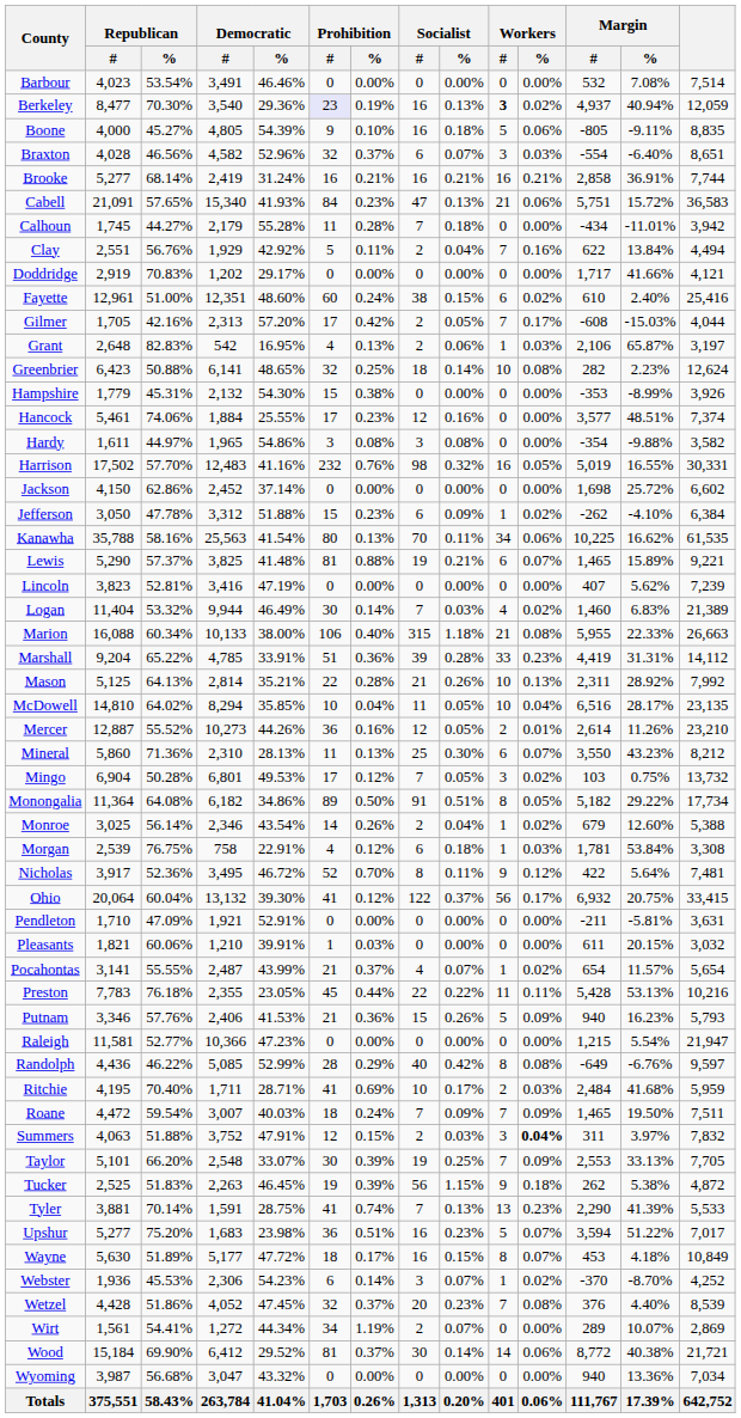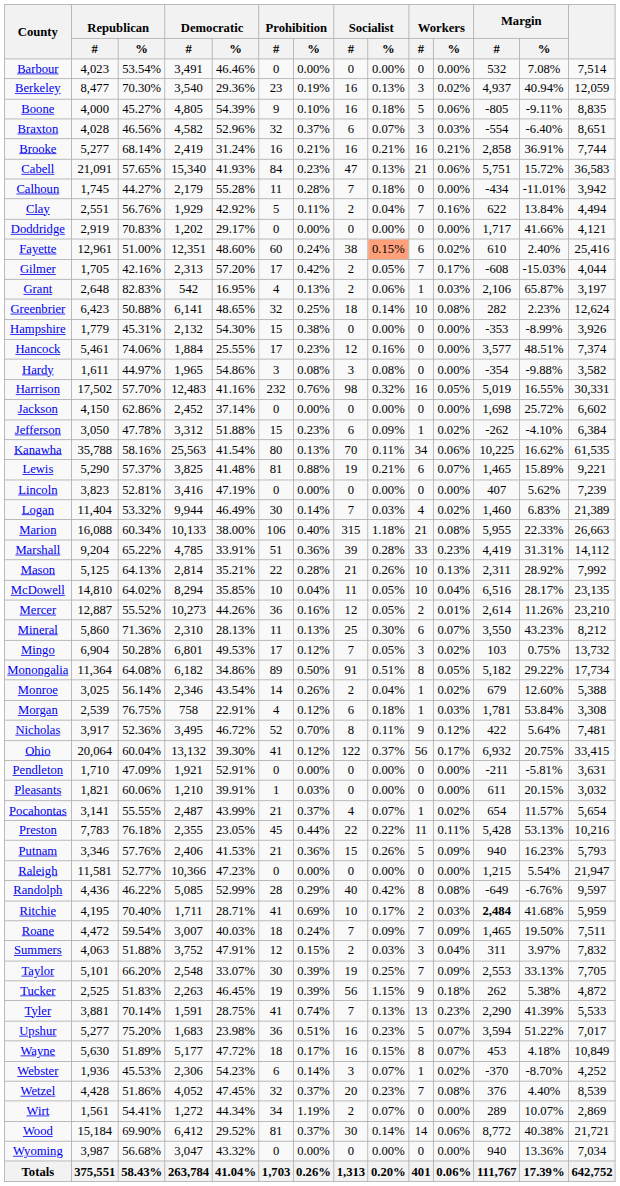 <table class="wikitable sortable mw-collapsible mw-collapsed" style="text-align:center">
 <tr>
 <th rowspan="2">County</th>
 <th colspan="2"><br>Republican</th>
 <th colspan="2"><br> Democratic</th>
 <th colspan="2"><br>Prohibition</th>
 <th colspan="2"><br>Socialist</th>
 <th colspan="2"><br>Workers</th>
 <th colspan="2">Margin</th>
 <th rowspan="2"></th>
 </tr>
 <tr>
 <th data-sort-type="number">#</th>
 <th data-sort-type="number">%</th>
 <th data-sort-type="number">#</th>
 <th data-sort-type="number">%</th>
 <th data-sort-type="number">#</th>
 <th data-sort-type="number">%</th>
 <th data-sort-type="number">#</th>
 <th data-sort-type="number">%</th>
 <th data-sort-type="number">#</th>
 <th data-sort-type="number">%</th>
 <th data-sort-type="number">#</th>
 <th data-sort-type="number">%</th>
 </tr>
 <tr style="text-align:center;">
 <td><a href='#'>Barbour</a></td>
 <td>4,023</td>
 <td>53.54%</td>
 <td>3,491</td>
 <td>46.46%</td>
 <td>0</td>
 <td>0.00%</td>
 <td>0</td>
 <td>0.00%</td>
 <td>0</td>
 <td>0.00%</td>
 <td>532</td>
 <td>7.08%</td>
 <td>7,514</td>
 </tr>
 <tr style="text-align:center;">
 <td><a href='#'>Berkeley</a></td>
 <td>8,477</td>
 <td>70.30%</td>
 <td>3,540</td>
 <td>29.36%</td>
-<td style="background: lavender;">23</td>
+<td>23</td>
 <td>0.19%</td>
 <td>16</td>
 <td>0.13%</td>
-<td><strong>3</strong></td>
+<td>3</td>
 <td>0.02%</td>
 <td>4,937</td>
 <td>40.94%</td>
 <td>12,059</td>
 </tr>
 <tr style="text-align:center;">
 <td><a href='#'>Boone</a></td>
 <td>4,000</td>
 <td>45.27%</td>
 <td>4,805</td>
 <td>54.39%</td>
 <td>9</td>
 <td>0.10%</td>
 <td>16</td>
 <td>0.18%</td>
 <td>5</td>
 <td>0.06%</td>
 <td>-805</td>
 <td>-9.11%</td>
 <td>8,835</td>
 </tr>
 <tr style="text-align:center;">
 <td><a href='#'>Braxton</a></td>
 <td>4,028</td>
 <td>46.56%</td>
 <td>4,582</td>
 <td>52.96%</td>
 <td>32</td>
 <td>0.37%</td>
 <td>6</td>
 <td>0.07%</td>
 <td>3</td>
 <td>0.03%</td>
 <td>-554</td>
 <td>-6.40%</td>
 <td>8,651</td>
 </tr>
 <tr style="text-align:center;">
 <td><a href='#'>Brooke</a></td>
 <td>5,277</td>
 <td>68.14%</td>
 <td>2,419</td>
 <td>31.24%</td>
 <td>16</td>
 <td>0.21%</td>
 <td>16</td>
 <td>0.21%</td>
 <td>16</td>
 <td>0.21%</td>
 <td>2,858</td>
 <td>36.91%</td>
 <td>7,744</td>
 </tr>
 <tr style="text-align:center;">
 <td><a href='#'>Cabell</a></td>
 <td>21,091</td>
 <td>57.65%</td>
 <td>15,340</td>
 <td>41.93%</td>
 <td>84</td>
 <td>0.23%</td>
 <td>47</td>
 <td>0.13%</td>
 <td>21</td>
 <td>0.06%</td>
 <td>5,751</td>
 <td>15.72%</td>
 <td>36,583</td>
 </tr>
 <tr style="text-align:center;">
 <td><a href='#'>Calhoun</a></td>
 <td>1,745</td>
 <td>44.27%</td>
 <td>2,179</td>
 <td>55.28%</td>
 <td>11</td>
 <td>0.28%</td>
 <td>7</td>
 <td>0.18%</td>
 <td>0</td>
 <td>0.00%</td>
 <td>-434</td>
 <td>-11.01%</td>
 <td>3,942</td>
 </tr>
 <tr style="text-align:center;">
 <td><a href='#'>Clay</a></td>
 <td>2,551</td>
 <td>56.76%</td>
 <td>1,929</td>
 <td>42.92%</td>
 <td>5</td>
 <td>0.11%</td>
 <td>2</td>
 <td>0.04%</td>
 <td>7</td>
 <td>0.16%</td>
 <td>622</td>
 <td>13.84%</td>
 <td>4,494</td>
 </tr>
 <tr style="text-align:center;">
 <td><a href='#'>Doddridge</a></td>
 <td>2,919</td>
 <td>70.83%</td>
 <td>1,202</td>
 <td>29.17%</td>
 <td>0</td>
 <td>0.00%</td>
 <td>0</td>
 <td>0.00%</td>
 <td>0</td>
 <td>0.00%</td>
 <td>1,717</td>
 <td>41.66%</td>
 <td>4,121</td>
 </tr>
 <tr style="text-align:center;">
 <td><a href='#'>Fayette</a></td>
 <td>12,961</td>
 <td>51.00%</td>
 <td>12,351</td>
 <td>48.60%</td>
 <td>60</td>
 <td>0.24%</td>
 <td>38</td>
-<td>0.15%</td>
+<td style="background: lightsalmon;">0.15%</td>
 <td>6</td>
 <td>0.02%</td>
 <td>610</td>
 <td>2.40%</td>
 <td>25,416</td>
 </tr>
 <tr style="text-align:center;">
 <td><a href='#'>Gilmer</a></td>
 <td>1,705</td>
 <td>42.16%</td>
 <td>2,313</td>
 <td>57.20%</td>
 <td>17</td>
 <td>0.42%</td>
 <td>2</td>
 <td>0.05%</td>
 <td>7</td>
 <td>0.17%</td>
 <td>-608</td>
 <td>-15.03%</td>
 <td>4,044</td>
 </tr>
 <tr style="text-align:center;">
 <td><a href='#'>Grant</a></td>
 <td>2,648</td>
 <td>82.83%</td>
 <td>542</td>
 <td>16.95%</td>
 <td>4</td>
 <td>0.13%</td>
 <td>2</td>
 <td>0.06%</td>
 <td>1</td>
 <td>0.03%</td>
 <td>2,106</td>
 <td>65.87%</td>
 <td>3,197</td>
 </tr>
 <tr style="text-align:center;">
 <td><a href='#'>Greenbrier</a></td>
 <td>6,423</td>
 <td>50.88%</td>
 <td>6,141</td>
 <td>48.65%</td>
 <td>32</td>
 <td>0.25%</td>
 <td>18</td>
 <td>0.14%</td>
 <td>10</td>
 <td>0.08%</td>
 <td>282</td>
 <td>2.23%</td>
 <td>12,624</td>
 </tr>
 <tr style="text-align:center;">
 <td><a href='#'>Hampshire</a></td>
 <td>1,779</td>
 <td>45.31%</td>
 <td>2,132</td>
 <td>54.30%</td>
 <td>15</td>
 <td>0.38%</td>
 <td>0</td>
 <td>0.00%</td>
 <td>0</td>
 <td>0.00%</td>
 <td>-353</td>
 <td>-8.99%</td>
 <td>3,926</td>
 </tr>
 <tr style="text-align:center;">
 <td><a href='#'>Hancock</a></td>
 <td>5,461</td>
 <td>74.06%</td>
 <td>1,884</td>
 <td>25.55%</td>
 <td>17</td>
 <td>0.23%</td>
 <td>12</td>
 <td>0.16%</td>
 <td>0</td>
 <td>0.00%</td>
 <td>3,577</td>
 <td>48.51%</td>
 <td>7,374</td>
 </tr>
 <tr style="text-align:center;">
 <td><a href='#'>Hardy</a></td>
 <td>1,611</td>
 <td>44.97%</td>
 <td>1,965</td>
 <td>54.86%</td>
 <td>3</td>
 <td>0.08%</td>
 <td>3</td>
 <td>0.08%</td>
 <td>0</td>
 <td>0.00%</td>
 <td>-354</td>
 <td>-9.88%</td>
 <td>3,582</td>
 </tr>
 <tr style="text-align:center;">
 <td><a href='#'>Harrison</a></td>
 <td>17,502</td>
 <td>57.70%</td>
 <td>12,483</td>
 <td>41.16%</td>
 <td>232</td>
 <td>0.76%</td>
 <td>98</td>
 <td>0.32%</td>
 <td>16</td>
 <td>0.05%</td>
 <td>5,019</td>
 <td>16.55%</td>
 <td>30,331</td>
 </tr>
 <tr style="text-align:center;">
 <td><a href='#'>Jackson</a></td>
 <td>4,150</td>
 <td>62.86%</td>
 <td>2,452</td>
 <td>37.14%</td>
 <td>0</td>
 <td>0.00%</td>
 <td>0</td>
 <td>0.00%</td>
 <td>0</td>
 <td>0.00%</td>
 <td>1,698</td>
 <td>25.72%</td>
 <td>6,602</td>
 </tr>
 <tr style="text-align:center;">
 <td><a href='#'>Jefferson</a></td>
 <td>3,050</td>
 <td>47.78%</td>
 <td>3,312</td>
 <td>51.88%</td>
 <td>15</td>
 <td>0.23%</td>
 <td>6</td>
 <td>0.09%</td>
 <td>1</td>
 <td>0.02%</td>
 <td>-262</td>
 <td>-4.10%</td>
 <td>6,384</td>
 </tr>
 <tr style="text-align:center;">
 <td><a href='#'>Kanawha</a></td>
 <td>35,788</td>
 <td>58.16%</td>
 <td>25,563</td>
 <td>41.54%</td>
 <td>80</td>
 <td>0.13%</td>
 <td>70</td>
 <td>0.11%</td>
 <td>34</td>
 <td>0.06%</td>
 <td>10,225</td>
 <td>16.62%</td>
 <td>61,535</td>
 </tr>
 <tr style="text-align:center;">
 <td><a href='#'>Lewis</a></td>
 <td>5,290</td>
 <td>57.37%</td>
 <td>3,825</td>
 <td>41.48%</td>
 <td>81</td>
 <td>0.88%</td>
 <td>19</td>
 <td>0.21%</td>
 <td>6</td>
 <td>0.07%</td>
 <td>1,465</td>
 <td>15.89%</td>
 <td>9,221</td>
 </tr>
 <tr style="text-align:center;">
 <td><a href='#'>Lincoln</a></td>
 <td>3,823</td>
 <td>52.81%</td>
 <td>3,416</td>
 <td>47.19%</td>
 <td>0</td>
 <td>0.00%</td>
 <td>0</td>
 <td>0.00%</td>
 <td>0</td>
 <td>0.00%</td>
 <td>407</td>
 <td>5.62%</td>
 <td>7,239</td>
 </tr>
 <tr style="text-align:center;">
 <td><a href='#'>Logan</a></td>
 <td>11,404</td>
 <td>53.32%</td>
 <td>9,944</td>
 <td>46.49%</td>
 <td>30</td>
 <td>0.14%</td>
 <td>7</td>
 <td>0.03%</td>
 <td>4</td>
 <td>0.02%</td>
 <td>1,460</td>
 <td>6.83%</td>
 <td>21,389</td>
 </tr>
 <tr style="text-align:center;">
 <td><a href='#'>Marion</a></td>
 <td>16,088</td>
 <td>60.34%</td>
 <td>10,133</td>
 <td>38.00%</td>
 <td>106</td>
 <td>0.40%</td>
 <td>315</td>
 <td>1.18%</td>
 <td>21</td>
 <td>0.08%</td>
 <td>5,955</td>
 <td>22.33%</td>
 <td>26,663</td>
 </tr>
 <tr style="text-align:center;">
 <td><a href='#'>Marshall</a></td>
 <td>9,204</td>
 <td>65.22%</td>
 <td>4,785</td>
 <td>33.91%</td>
 <td>51</td>
 <td>0.36%</td>
 <td>39</td>
 <td>0.28%</td>
 <td>33</td>
 <td>0.23%</td>
 <td>4,419</td>
 <td>31.31%</td>
 <td>14,112</td>
 </tr>
 <tr style="text-align:center;">
 <td><a href='#'>Mason</a></td>
 <td>5,125</td>
 <td>64.13%</td>
 <td>2,814</td>
 <td>35.21%</td>
 <td>22</td>
 <td>0.28%</td>
 <td>21</td>
 <td>0.26%</td>
 <td>10</td>
 <td>0.13%</td>
 <td>2,311</td>
 <td>28.92%</td>
 <td>7,992</td>
 </tr>
 <tr style="text-align:center;">
 <td><a href='#'>McDowell</a></td>
 <td>14,810</td>
 <td>64.02%</td>
 <td>8,294</td>
 <td>35.85%</td>
 <td>10</td>
 <td>0.04%</td>
 <td>11</td>
 <td>0.05%</td>
 <td>10</td>
 <td>0.04%</td>
 <td>6,516</td>
 <td>28.17%</td>
 <td>23,135</td>
 </tr>
 <tr style="text-align:center;">
 <td><a href='#'>Mercer</a></td>
 <td>12,887</td>
 <td>55.52%</td>
 <td>10,273</td>
 <td>44.26%</td>
 <td>36</td>
 <td>0.16%</td>
 <td>12</td>
 <td>0.05%</td>
 <td>2</td>
 <td>0.01%</td>
 <td>2,614</td>
 <td>11.26%</td>
 <td>23,210</td>
 </tr>
 <tr style="text-align:center;">
 <td><a href='#'>Mineral</a></td>
 <td>5,860</td>
 <td>71.36%</td>
 <td>2,310</td>
 <td>28.13%</td>
 <td>11</td>
 <td>0.13%</td>
 <td>25</td>
 <td>0.30%</td>
 <td>6</td>
 <td>0.07%</td>
 <td>3,550</td>
 <td>43.23%</td>
 <td>8,212</td>
 </tr>
 <tr style="text-align:center;">
 <td><a href='#'>Mingo</a></td>
 <td>6,904</td>
 <td>50.28%</td>
 <td>6,801</td>
 <td>49.53%</td>
 <td>17</td>
 <td>0.12%</td>
 <td>7</td>
 <td>0.05%</td>
 <td>3</td>
 <td>0.02%</td>
 <td>103</td>
 <td>0.75%</td>
 <td>13,732</td>
 </tr>
 <tr style="text-align:center;">
 <td><a href='#'>Monongalia</a></td>
 <td>11,364</td>
 <td>64.08%</td>
 <td>6,182</td>
 <td>34.86%</td>
 <td>89</td>
 <td>0.50%</td>
 <td>91</td>
 <td>0.51%</td>
 <td>8</td>
 <td>0.05%</td>
 <td>5,182</td>
 <td>29.22%</td>
 <td>17,734</td>
 </tr>
 <tr style="text-align:center;">
 <td><a href='#'>Monroe</a></td>
 <td>3,025</td>
 <td>56.14%</td>
 <td>2,346</td>
 <td>43.54%</td>
 <td>14</td>
 <td>0.26%</td>
 <td>2</td>
 <td>0.04%</td>
 <td>1</td>
 <td>0.02%</td>
 <td>679</td>
 <td>12.60%</td>
 <td>5,388</td>
 </tr>
 <tr style="text-align:center;">
 <td><a href='#'>Morgan</a></td>
 <td>2,539</td>
 <td>76.75%</td>
 <td>758</td>
 <td>22.91%</td>
 <td>4</td>
 <td>0.12%</td>
 <td>6</td>
 <td>0.18%</td>
 <td>1</td>
 <td>0.03%</td>
 <td>1,781</td>
 <td>53.84%</td>
 <td>3,308</td>
 </tr>
 <tr style="text-align:center;">
 <td><a href='#'>Nicholas</a></td>
 <td>3,917</td>
 <td>52.36%</td>
 <td>3,495</td>
 <td>46.72%</td>
 <td>52</td>
 <td>0.70%</td>
 <td>8</td>
 <td>0.11%</td>
 <td>9</td>
 <td>0.12%</td>
 <td>422</td>
 <td>5.64%</td>
 <td>7,481</td>
 </tr>
 <tr style="text-align:center;">
 <td><a href='#'>Ohio</a></td>
 <td>20,064</td>
 <td>60.04%</td>
 <td>13,132</td>
 <td>39.30%</td>
 <td>41</td>
 <td>0.12%</td>
 <td>122</td>
 <td>0.37%</td>
 <td>56</td>
 <td>0.17%</td>
 <td>6,932</td>
 <td>20.75%</td>
 <td>33,415</td>
 </tr>
 <tr style="text-align:center;">
 <td><a href='#'>Pendleton</a></td>
 <td>1,710</td>
 <td>47.09%</td>
 <td>1,921</td>
 <td>52.91%</td>
 <td>0</td>
 <td>0.00%</td>
 <td>0</td>
 <td>0.00%</td>
 <td>0</td>
 <td>0.00%</td>
 <td>-211</td>
 <td>-5.81%</td>
 <td>3,631</td>
 </tr>
 <tr style="text-align:center;">
 <td><a href='#'>Pleasants</a></td>
 <td>1,821</td>
 <td>60.06%</td>
 <td>1,210</td>
 <td>39.91%</td>
 <td>1</td>
 <td>0.03%</td>
 <td>0</td>
 <td>0.00%</td>
 <td>0</td>
 <td>0.00%</td>
 <td>611</td>
 <td>20.15%</td>
 <td>3,032</td>
 </tr>
 <tr style="text-align:center;">
 <td><a href='#'>Pocahontas</a></td>
 <td>3,141</td>
 <td>55.55%</td>
 <td>2,487</td>
 <td>43.99%</td>
 <td>21</td>
 <td>0.37%</td>
 <td>4</td>
 <td>0.07%</td>
 <td>1</td>
 <td>0.02%</td>
 <td>654</td>
 <td>11.57%</td>
 <td>5,654</td>
 </tr>
 <tr style="text-align:center;">
 <td><a href='#'>Preston</a></td>
 <td>7,783</td>
 <td>76.18%</td>
 <td>2,355</td>
 <td>23.05%</td>
 <td>45</td>
 <td>0.44%</td>
 <td>22</td>
 <td>0.22%</td>
 <td>11</td>
 <td>0.11%</td>
 <td>5,428</td>
 <td>53.13%</td>
 <td>10,216</td>
 </tr>
 <tr style="text-align:center;">
 <td><a href='#'>Putnam</a></td>
 <td>3,346</td>
 <td>57.76%</td>
 <td>2,406</td>
 <td>41.53%</td>
 <td>21</td>
 <td>0.36%</td>
 <td>15</td>
 <td>0.26%</td>
 <td>5</td>
 <td>0.09%</td>
 <td>940</td>
 <td>16.23%</td>
 <td>5,793</td>
 </tr>
 <tr style="text-align:center;">
 <td><a href='#'>Raleigh</a></td>
 <td>11,581</td>
 <td>52.77%</td>
 <td>10,366</td>
 <td>47.23%</td>
 <td>0</td>
 <td>0.00%</td>
 <td>0</td>
 <td>0.00%</td>
 <td>0</td>
 <td>0.00%</td>
 <td>1,215</td>
 <td>5.54%</td>
 <td>21,947</td>
 </tr>
 <tr style="text-align:center;">
 <td><a href='#'>Randolph</a></td>
 <td>4,436</td>
 <td>46.22%</td>
 <td>5,085</td>
 <td>52.99%</td>
 <td>28</td>
 <td>0.29%</td>
 <td>40</td>
 <td>0.42%</td>
 <td>8</td>
 <td>0.08%</td>
 <td>-649</td>
 <td>-6.76%</td>
 <td>9,597</td>
 </tr>
 <tr style="text-align:center;">
 <td><a href='#'>Ritchie</a></td>
 <td>4,195</td>
 <td>70.40%</td>
 <td>1,711</td>
 <td>28.71%</td>
 <td>41</td>
 <td>0.69%</td>
 <td>10</td>
 <td>0.17%</td>
 <td>2</td>
 <td>0.03%</td>
-<td>2,484</td>
+<td><strong>2,484</strong></td>
 <td>41.68%</td>
 <td>5,959</td>
 </tr>
 <tr style="text-align:center;">
 <td><a href='#'>Roane</a></td>
 <td>4,472</td>
 <td>59.54%</td>
 <td>3,007</td>
 <td>40.03%</td>
 <td>18</td>
 <td>0.24%</td>
 <td>7</td>
 <td>0.09%</td>
 <td>7</td>
 <td>0.09%</td>
 <td>1,465</td>
 <td>19.50%</td>
 <td>7,511</td>
 </tr>
 <tr style="text-align:center;">
 <td><a href='#'>Summers</a></td>
 <td>4,063</td>
 <td>51.88%</td>
 <td>3,752</td>
 <td>47.91%</td>
 <td>12</td>
 <td>0.15%</td>
 <td>2</td>
 <td>0.03%</td>
 <td>3</td>
-<td><strong>0.04%</strong></td>
+<td>0.04%</td>
 <td>311</td>
 <td>3.97%</td>
 <td>7,832</td>
 </tr>
 <tr style="text-align:center;">
 <td><a href='#'>Taylor</a></td>
 <td>5,101</td>
 <td>66.20%</td>
 <td>2,548</td>
 <td>33.07%</td>
 <td>30</td>
 <td>0.39%</td>
 <td>19</td>
 <td>0.25%</td>
 <td>7</td>
 <td>0.09%</td>
 <td>2,553</td>
 <td>33.13%</td>
 <td>7,705</td>
 </tr>
 <tr style="text-align:center;">
 <td><a href='#'>Tucker</a></td>
 <td>2,525</td>
 <td>51.83%</td>
 <td>2,263</td>
 <td>46.45%</td>
 <td>19</td>
 <td>0.39%</td>
 <td>56</td>
 <td>1.15%</td>
 <td>9</td>
 <td>0.18%</td>
 <td>262</td>
 <td>5.38%</td>
 <td>4,872</td>
 </tr>
 <tr style="text-align:center;">
 <td><a href='#'>Tyler</a></td>
 <td>3,881</td>
 <td>70.14%</td>
 <td>1,591</td>
 <td>28.75%</td>
 <td>41</td>
 <td>0.74%</td>
 <td>7</td>
 <td>0.13%</td>
 <td>13</td>
 <td>0.23%</td>
 <td>2,290</td>
 <td>41.39%</td>
 <td>5,533</td>
 </tr>
 <tr style="text-align:center;">
 <td><a href='#'>Upshur</a></td>
 <td>5,277</td>
 <td>75.20%</td>
 <td>1,683</td>
 <td>23.98%</td>
 <td>36</td>
 <td>0.51%</td>
 <td>16</td>
 <td>0.23%</td>
 <td>5</td>
 <td>0.07%</td>
 <td>3,594</td>
 <td>51.22%</td>
 <td>7,017</td>
 </tr>
 <tr style="text-align:center;">
 <td><a href='#'>Wayne</a></td>
 <td>5,630</td>
 <td>51.89%</td>
 <td>5,177</td>
 <td>47.72%</td>
 <td>18</td>
 <td>0.17%</td>
 <td>16</td>
 <td>0.15%</td>
 <td>8</td>
 <td>0.07%</td>
 <td>453</td>
 <td>4.18%</td>
 <td>10,849</td>
 </tr>
 <tr style="text-align:center;">
 <td><a href='#'>Webster</a></td>
 <td>1,936</td>
 <td>45.53%</td>
 <td>2,306</td>
 <td>54.23%</td>
 <td>6</td>
 <td>0.14%</td>
 <td>3</td>
 <td>0.07%</td>
 <td>1</td>
 <td>0.02%</td>
 <td>-370</td>
 <td>-8.70%</td>
 <td>4,252</td>
 </tr>
 <tr style="text-align:center;">
 <td><a href='#'>Wetzel</a></td>
 <td>4,428</td>
 <td>51.86%</td>
 <td>4,052</td>
 <td>47.45%</td>
 <td>32</td>
 <td>0.37%</td>
 <td>20</td>
 <td>0.23%</td>
 <td>7</td>
 <td>0.08%</td>
 <td>376</td>
 <td>4.40%</td>
 <td>8,539</td>
 </tr>
 <tr style="text-align:center;">
 <td><a href='#'>Wirt</a></td>
 <td>1,561</td>
 <td>54.41%</td>
 <td>1,272</td>
 <td>44.34%</td>
 <td>34</td>
 <td>1.19%</td>
 <td>2</td>
 <td>0.07%</td>
 <td>0</td>
 <td>0.00%</td>
 <td>289</td>
 <td>10.07%</td>
 <td>2,869</td>
 </tr>
 <tr style="text-align:center;">
 <td><a href='#'>Wood</a></td>
 <td>15,184</td>
 <td>69.90%</td>
 <td>6,412</td>
 <td>29.52%</td>
 <td>81</td>
 <td>0.37%</td>
 <td>30</td>
 <td>0.14%</td>
 <td>14</td>
 <td>0.06%</td>
 <td>8,772</td>
 <td>40.38%</td>
 <td>21,721</td>
 </tr>
 <tr style="text-align:center;">
 <td><a href='#'>Wyoming</a></td>
 <td>3,987</td>
 <td>56.68%</td>
 <td>3,047</td>
 <td>43.32%</td>
 <td>0</td>
 <td>0.00%</td>
 <td>0</td>
 <td>0.00%</td>
 <td>0</td>
 <td>0.00%</td>
 <td>940</td>
 <td>13.36%</td>
 <td>7,034</td>
 </tr>
 <tr style="text-align:center;">
 <th>Totals</th>
 <th>375,551</th>
 <th>58.43%</th>
 <th>263,784</th>
 <th>41.04%</th>
 <th>1,703</th>
 <th>0.26%</th>
 <th>1,313</th>
 <th>0.20%</th>
 <th>401</th>
 <th>0.06%</th>
 <th>111,767</th>
 <th>17.39%</th>
 <th>642,752</th>
 </tr>
 </table>
